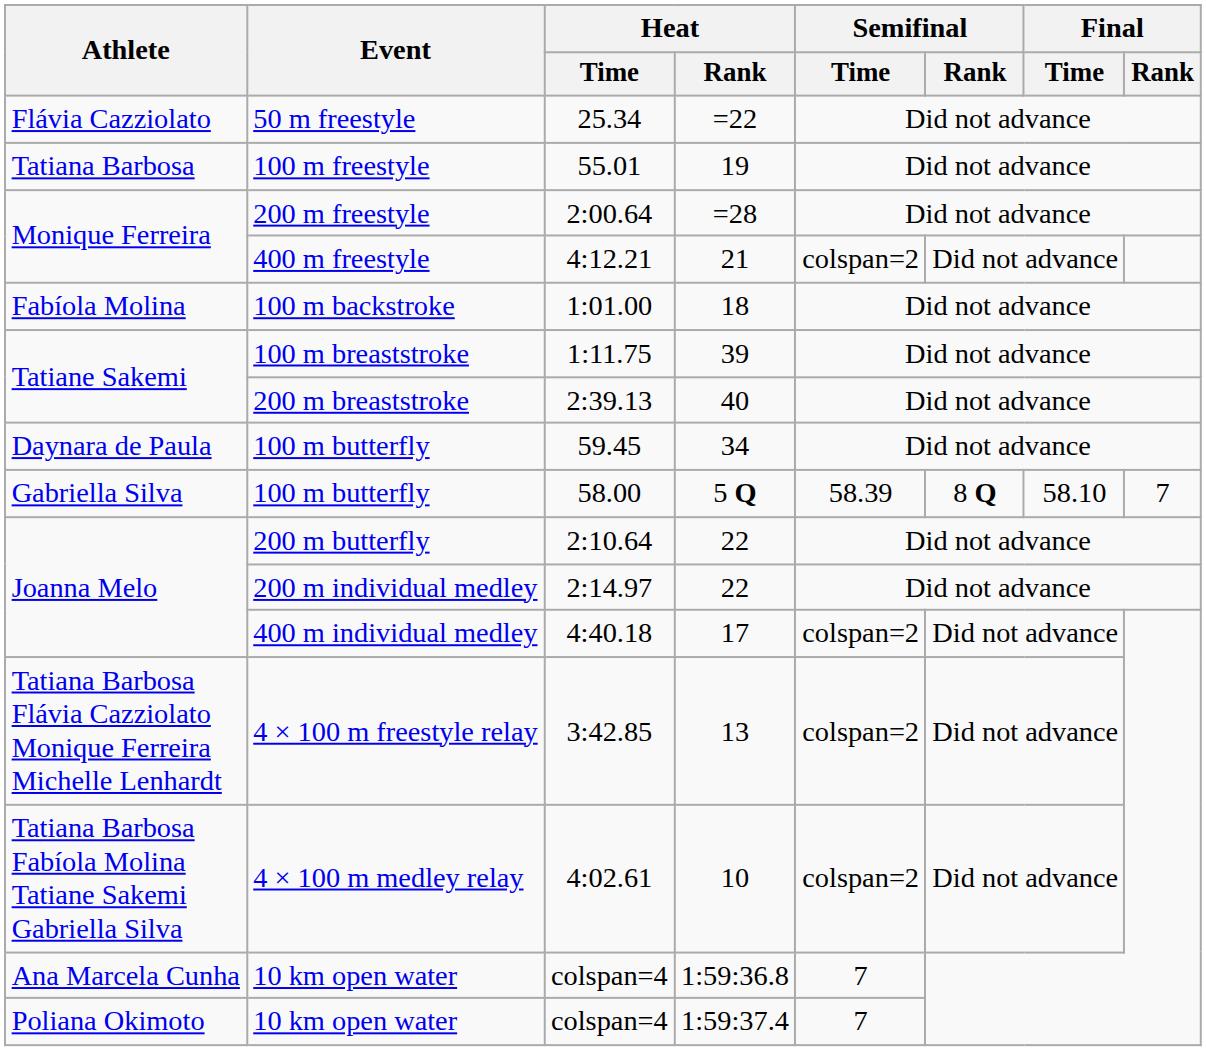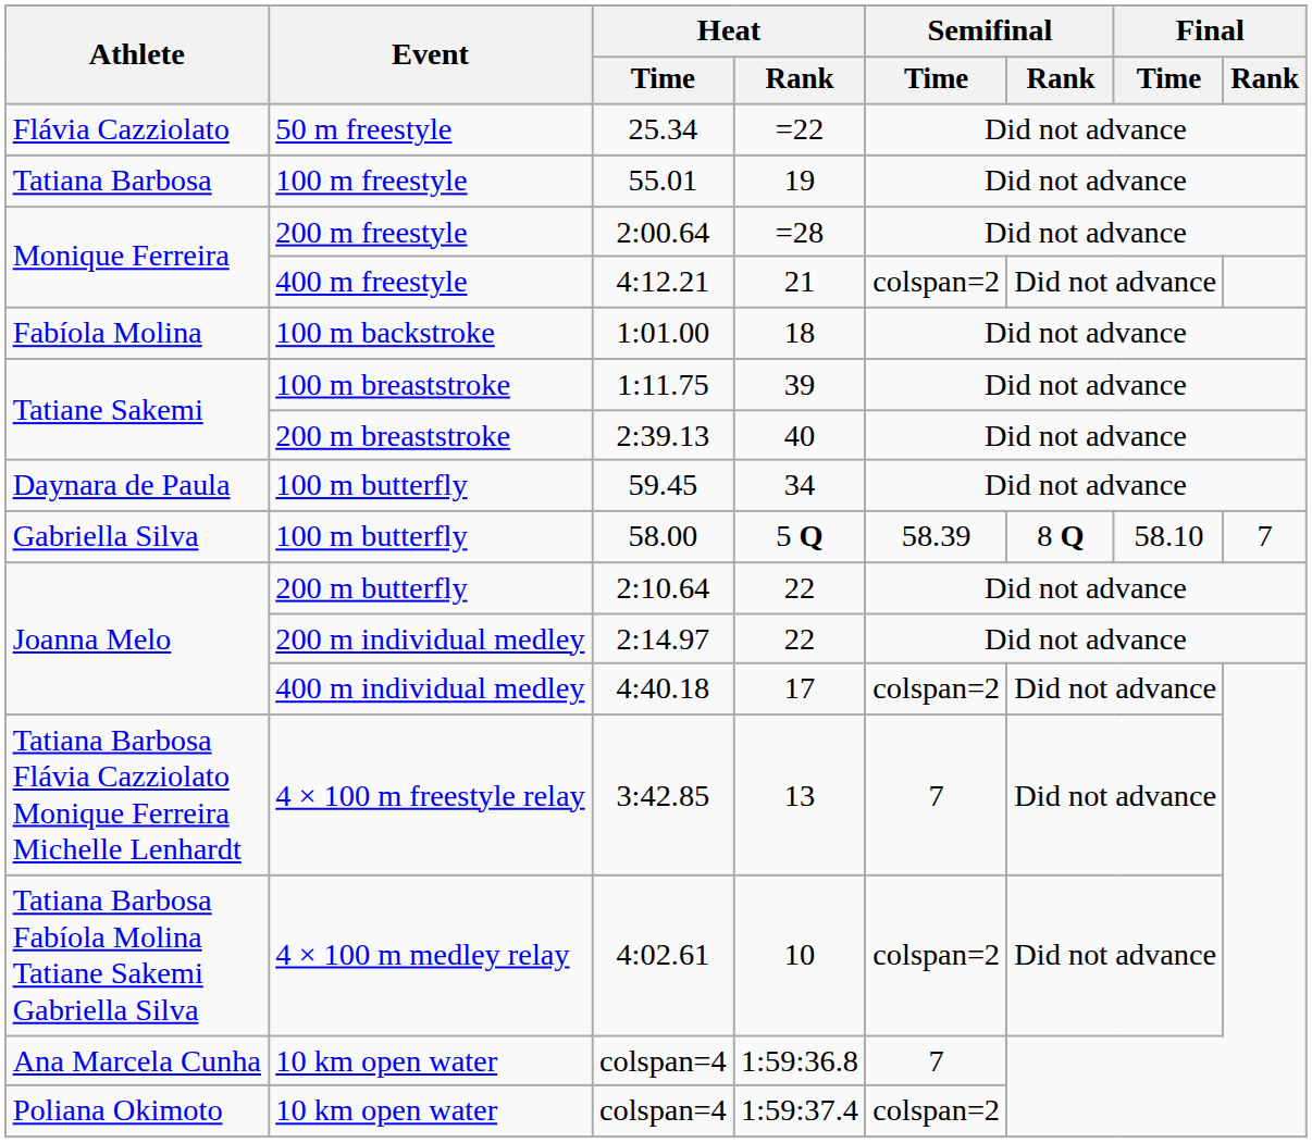 <table class=wikitable style="font-size:90%">
 <tr>
 <th rowspan="2">Athlete</th>
 <th rowspan="2">Event</th>
 <th colspan="2">Heat</th>
 <th colspan="2">Semifinal</th>
 <th colspan="2">Final</th>
 </tr>
 <tr style="font-size:95%">
 <th>Time</th>
 <th>Rank</th>
 <th>Time</th>
 <th>Rank</th>
 <th>Time</th>
 <th>Rank</th>
 </tr>
 <tr align=center>
 <td align=left><a href='#'>Flávia Cazziolato</a></td>
 <td align=left><a href='#'>50 m freestyle</a></td>
 <td>25.34</td>
 <td>=22</td>
 <td colspan=4>Did not advance</td>
 </tr>
 <tr align=center>
 <td align=left><a href='#'>Tatiana Barbosa</a></td>
 <td align=left><a href='#'>100 m freestyle</a></td>
 <td>55.01</td>
 <td>19</td>
 <td colspan=4>Did not advance</td>
 </tr>
 <tr align=center>
 <td align=left rowspan=2><a href='#'>Monique Ferreira</a></td>
 <td align=left><a href='#'>200 m freestyle</a></td>
 <td>2:00.64</td>
 <td>=28</td>
 <td colspan=4>Did not advance</td>
 </tr>
 <tr align=center>
 <td align=left><a href='#'>400 m freestyle</a></td>
 <td>4:12.21</td>
 <td>21</td>
 <td>colspan=2 </td>
 <td colspan=2>Did not advance</td>
 </tr>
 <tr align=center>
 <td align=left><a href='#'>Fabíola Molina</a></td>
 <td align=left><a href='#'>100 m backstroke</a></td>
 <td>1:01.00</td>
 <td>18</td>
 <td colspan=4>Did not advance</td>
 </tr>
 <tr align=center>
 <td align=left rowspan=2><a href='#'>Tatiane Sakemi</a></td>
 <td align=left><a href='#'>100 m breaststroke</a></td>
 <td>1:11.75</td>
 <td>39</td>
 <td colspan=4>Did not advance</td>
 </tr>
 <tr align=center>
 <td align=left><a href='#'>200 m breaststroke</a></td>
 <td>2:39.13</td>
 <td>40</td>
 <td colspan=4>Did not advance</td>
 </tr>
 <tr align=center>
 <td align=left><a href='#'>Daynara de Paula</a></td>
 <td align=left><a href='#'>100 m butterfly</a></td>
 <td>59.45</td>
 <td>34</td>
 <td colspan=4>Did not advance</td>
 </tr>
 <tr align=center>
 <td align=left><a href='#'>Gabriella Silva</a></td>
 <td align=left><a href='#'>100 m butterfly</a></td>
 <td>58.00</td>
 <td>5 <strong>Q</strong></td>
 <td>58.39</td>
 <td>8 <strong>Q</strong></td>
 <td>58.10</td>
 <td>7</td>
 </tr>
 <tr align=center>
 <td align=left rowspan=3><a href='#'>Joanna Melo</a></td>
 <td align=left><a href='#'>200 m butterfly</a></td>
 <td>2:10.64</td>
 <td>22</td>
 <td colspan=4>Did not advance</td>
 </tr>
 <tr align=center>
 <td align=left><a href='#'>200 m individual medley</a></td>
 <td>2:14.97</td>
 <td>22</td>
 <td colspan=4>Did not advance</td>
 </tr>
 <tr align=center>
 <td align=left><a href='#'>400 m individual medley</a></td>
 <td>4:40.18</td>
 <td>17</td>
 <td>colspan=2 </td>
 <td colspan=2>Did not advance</td>
 </tr>
 <tr align=center>
 <td align=left><a href='#'>Tatiana Barbosa</a><br><a href='#'>Flávia Cazziolato</a><br><a href='#'>Monique Ferreira</a><br><a href='#'>Michelle Lenhardt</a></td>
 <td align=left><a href='#'>4 × 100 m freestyle relay</a></td>
 <td>3:42.85</td>
 <td>13</td>
-<td>colspan=2 </td>
+<td>7</td>
 <td colspan=2>Did not advance</td>
 </tr>
 <tr align=center>
 <td align=left><a href='#'>Tatiana Barbosa</a><br><a href='#'>Fabíola Molina</a><br><a href='#'>Tatiane Sakemi</a><br><a href='#'>Gabriella Silva</a></td>
 <td align=left><a href='#'>4 × 100 m medley relay</a></td>
 <td>4:02.61</td>
 <td>10</td>
 <td>colspan=2 </td>
 <td colspan=2>Did not advance</td>
 </tr>
 <tr align=center>
 <td align=left><a href='#'>Ana Marcela Cunha</a></td>
 <td align=left><a href='#'>10 km open water</a></td>
 <td>colspan=4 </td>
 <td>1:59:36.8</td>
 <td>7</td>
 </tr>
 <tr align=center>
 <td align=left><a href='#'>Poliana Okimoto</a></td>
 <td align=left><a href='#'>10 km open water</a></td>
 <td>colspan=4 </td>
 <td>1:59:37.4</td>
-<td>7</td>
+<td>colspan=2 </td>
 </tr>
 </table>
